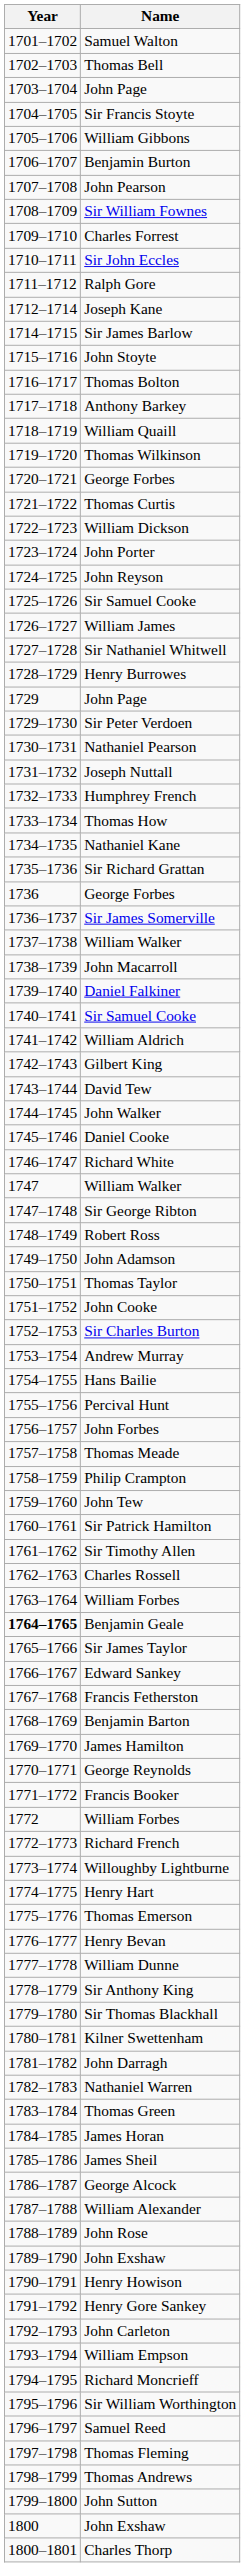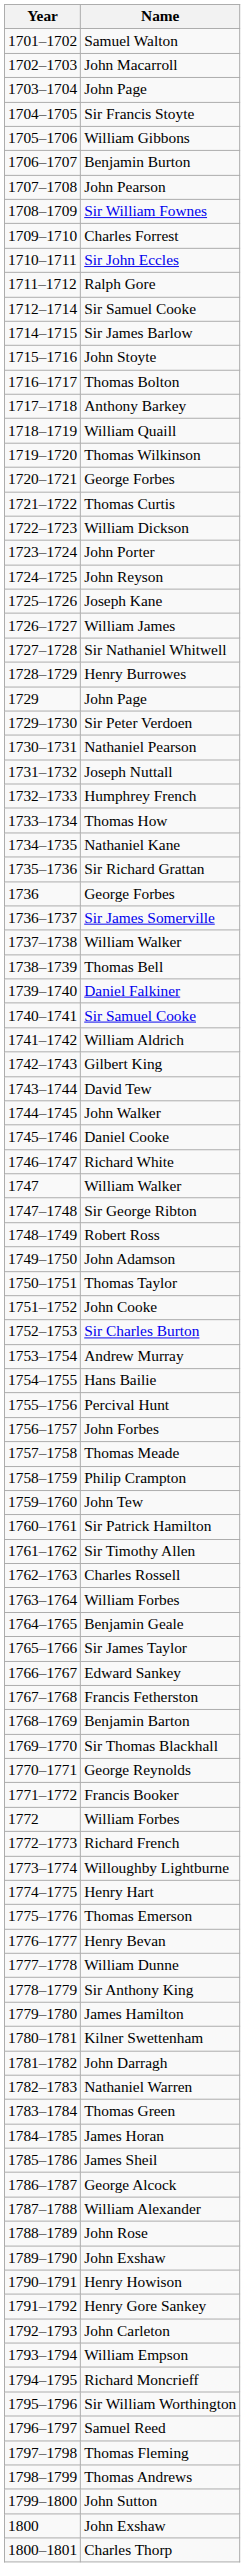 <table class="wikitable">
 <tr>
 <th>Year</th>
 <th>Name</th>
 </tr>
 <tr>
 <td>1701–1702</td>
 <td>Samuel Walton</td>
 </tr>
 <tr>
 <td>1702–1703</td>
-<td>Thomas Bell</td>
+<td>John Macarroll</td>
 </tr>
 <tr>
 <td>1703–1704</td>
 <td>John Page</td>
 </tr>
 <tr>
 <td>1704–1705</td>
 <td>Sir Francis Stoyte</td>
 </tr>
 <tr>
 <td>1705–1706</td>
 <td>William Gibbons</td>
 </tr>
 <tr>
 <td>1706–1707</td>
 <td>Benjamin Burton</td>
 </tr>
 <tr>
 <td>1707–1708</td>
 <td>John Pearson</td>
 </tr>
 <tr>
 <td>1708–1709</td>
 <td><a href='#'>Sir William Fownes</a></td>
 </tr>
 <tr>
 <td>1709–1710</td>
 <td>Charles Forrest</td>
 </tr>
 <tr>
 <td>1710–1711</td>
 <td><a href='#'>Sir John Eccles</a></td>
 </tr>
 <tr>
 <td>1711–1712</td>
 <td>Ralph Gore</td>
 </tr>
 <tr>
 <td>1712–1714</td>
-<td>Joseph Kane</td>
+<td>Sir Samuel Cooke</td>
 </tr>
 <tr>
 <td>1714–1715</td>
 <td>Sir James Barlow</td>
 </tr>
 <tr>
 <td>1715–1716</td>
 <td>John Stoyte</td>
 </tr>
 <tr>
 <td>1716–1717</td>
 <td>Thomas Bolton</td>
 </tr>
 <tr>
 <td>1717–1718</td>
 <td>Anthony Barkey</td>
 </tr>
 <tr>
 <td>1718–1719</td>
 <td>William Quaill</td>
 </tr>
 <tr>
 <td>1719–1720</td>
 <td>Thomas Wilkinson</td>
 </tr>
 <tr>
 <td>1720–1721</td>
 <td>George Forbes</td>
 </tr>
 <tr>
 <td>1721–1722</td>
 <td>Thomas Curtis</td>
 </tr>
 <tr>
 <td>1722–1723</td>
 <td>William Dickson</td>
 </tr>
 <tr>
 <td>1723–1724</td>
 <td>John Porter</td>
 </tr>
 <tr>
 <td>1724–1725</td>
 <td>John Reyson</td>
 </tr>
 <tr>
 <td>1725–1726</td>
-<td>Sir Samuel Cooke</td>
+<td>Joseph Kane</td>
 </tr>
 <tr>
 <td>1726–1727</td>
 <td>William James</td>
 </tr>
 <tr>
 <td>1727–1728</td>
 <td>Sir Nathaniel Whitwell</td>
 </tr>
 <tr>
 <td>1728–1729</td>
 <td>Henry Burrowes</td>
 </tr>
 <tr>
 <td>1729</td>
 <td>John Page</td>
 </tr>
 <tr>
 <td>1729–1730</td>
 <td>Sir Peter Verdoen</td>
 </tr>
 <tr>
 <td>1730–1731</td>
 <td>Nathaniel Pearson</td>
 </tr>
 <tr>
 <td>1731–1732</td>
 <td>Joseph Nuttall</td>
 </tr>
 <tr>
 <td>1732–1733</td>
 <td>Humphrey French</td>
 </tr>
 <tr>
 <td>1733–1734</td>
 <td>Thomas How</td>
 </tr>
 <tr>
 <td>1734–1735</td>
 <td>Nathaniel Kane</td>
 </tr>
 <tr>
 <td>1735–1736</td>
 <td>Sir Richard Grattan</td>
 </tr>
 <tr>
 <td>1736</td>
 <td>George Forbes</td>
 </tr>
 <tr>
 <td>1736–1737</td>
 <td><a href='#'>Sir James Somerville</a></td>
 </tr>
 <tr>
 <td>1737–1738</td>
 <td>William Walker</td>
 </tr>
 <tr>
 <td>1738–1739</td>
-<td>John Macarroll</td>
+<td>Thomas Bell</td>
 </tr>
 <tr>
 <td>1739–1740</td>
 <td><a href='#'>Daniel Falkiner</a></td>
 </tr>
 <tr>
 <td>1740–1741</td>
 <td><a href='#'>Sir Samuel Cooke</a></td>
 </tr>
 <tr>
 <td>1741–1742</td>
 <td>William Aldrich</td>
 </tr>
 <tr>
 <td>1742–1743</td>
 <td>Gilbert King</td>
 </tr>
 <tr>
 <td>1743–1744</td>
 <td>David Tew</td>
 </tr>
 <tr>
 <td>1744–1745</td>
 <td>John Walker</td>
 </tr>
 <tr>
 <td>1745–1746</td>
 <td>Daniel Cooke</td>
 </tr>
 <tr>
 <td>1746–1747</td>
 <td>Richard White</td>
 </tr>
 <tr>
 <td>1747</td>
 <td>William Walker</td>
 </tr>
 <tr>
 <td>1747–1748</td>
 <td>Sir George Ribton</td>
 </tr>
 <tr>
 <td>1748–1749</td>
 <td>Robert Ross</td>
 </tr>
 <tr>
 <td>1749–1750</td>
 <td>John Adamson</td>
 </tr>
 <tr>
 <td>1750–1751</td>
 <td>Thomas Taylor</td>
 </tr>
 <tr>
 <td>1751–1752</td>
 <td>John Cooke</td>
 </tr>
 <tr>
 <td>1752–1753</td>
 <td><a href='#'>Sir Charles Burton</a></td>
 </tr>
 <tr>
 <td>1753–1754</td>
 <td>Andrew Murray</td>
 </tr>
 <tr>
 <td>1754–1755</td>
 <td>Hans Bailie</td>
 </tr>
 <tr>
 <td>1755–1756</td>
 <td>Percival Hunt</td>
 </tr>
 <tr>
 <td>1756–1757</td>
 <td>John Forbes</td>
 </tr>
 <tr>
 <td>1757–1758</td>
 <td>Thomas Meade</td>
 </tr>
 <tr>
 <td>1758–1759</td>
 <td>Philip Crampton</td>
 </tr>
 <tr>
 <td>1759–1760</td>
 <td>John Tew</td>
 </tr>
 <tr>
 <td>1760–1761</td>
 <td>Sir Patrick Hamilton</td>
 </tr>
 <tr>
 <td>1761–1762</td>
 <td>Sir Timothy Allen</td>
 </tr>
 <tr>
 <td>1762–1763</td>
 <td>Charles Rossell</td>
 </tr>
 <tr>
 <td>1763–1764</td>
 <td>William Forbes</td>
 </tr>
 <tr>
-<td><strong>1764–1765</strong></td>
+<td>1764–1765</td>
 <td>Benjamin Geale</td>
 </tr>
 <tr>
 <td>1765–1766</td>
 <td>Sir James Taylor</td>
 </tr>
 <tr>
 <td>1766–1767</td>
 <td>Edward Sankey</td>
 </tr>
 <tr>
 <td>1767–1768</td>
 <td>Francis Fetherston</td>
 </tr>
 <tr>
 <td>1768–1769</td>
 <td>Benjamin Barton</td>
 </tr>
 <tr>
 <td>1769–1770</td>
-<td>James Hamilton</td>
+<td>Sir Thomas Blackhall</td>
 </tr>
 <tr>
 <td>1770–1771</td>
 <td>George Reynolds</td>
 </tr>
 <tr>
 <td>1771–1772</td>
 <td>Francis Booker</td>
 </tr>
 <tr>
 <td>1772</td>
 <td>William Forbes</td>
 </tr>
 <tr>
 <td>1772–1773</td>
 <td>Richard French</td>
 </tr>
 <tr>
 <td>1773–1774</td>
 <td>Willoughby Lightburne</td>
 </tr>
 <tr>
 <td>1774–1775</td>
 <td>Henry Hart</td>
 </tr>
 <tr>
 <td>1775–1776</td>
 <td>Thomas Emerson</td>
 </tr>
 <tr>
 <td>1776–1777</td>
 <td>Henry Bevan</td>
 </tr>
 <tr>
 <td>1777–1778</td>
 <td>William Dunne</td>
 </tr>
 <tr>
 <td>1778–1779</td>
 <td>Sir Anthony King</td>
 </tr>
 <tr>
 <td>1779–1780</td>
-<td>Sir Thomas Blackhall</td>
+<td>James Hamilton</td>
 </tr>
 <tr>
 <td>1780–1781</td>
 <td>Kilner Swettenham</td>
 </tr>
 <tr>
 <td>1781–1782</td>
 <td>John Darragh</td>
 </tr>
 <tr>
 <td>1782–1783</td>
 <td>Nathaniel Warren</td>
 </tr>
 <tr>
 <td>1783–1784</td>
 <td>Thomas Green</td>
 </tr>
 <tr>
 <td>1784–1785</td>
 <td>James Horan</td>
 </tr>
 <tr>
 <td>1785–1786</td>
 <td>James Sheil</td>
 </tr>
 <tr>
 <td>1786–1787</td>
 <td>George Alcock</td>
 </tr>
 <tr>
 <td>1787–1788</td>
 <td>William Alexander</td>
 </tr>
 <tr>
 <td>1788–1789</td>
 <td>John Rose</td>
 </tr>
 <tr>
 <td>1789–1790</td>
 <td>John Exshaw</td>
 </tr>
 <tr>
 <td>1790–1791</td>
 <td>Henry Howison</td>
 </tr>
 <tr>
 <td>1791–1792</td>
 <td>Henry Gore Sankey</td>
 </tr>
 <tr>
 <td>1792–1793</td>
 <td>John Carleton</td>
 </tr>
 <tr>
 <td>1793–1794</td>
 <td>William Empson</td>
 </tr>
 <tr>
 <td>1794–1795</td>
 <td>Richard Moncrieff</td>
 </tr>
 <tr>
 <td>1795–1796</td>
 <td>Sir William Worthington</td>
 </tr>
 <tr>
 <td>1796–1797</td>
 <td>Samuel Reed</td>
 </tr>
 <tr>
 <td>1797–1798</td>
 <td>Thomas Fleming</td>
 </tr>
 <tr>
 <td>1798–1799</td>
 <td>Thomas Andrews</td>
 </tr>
 <tr>
 <td>1799–1800</td>
 <td>John Sutton</td>
 </tr>
 <tr>
 <td>1800</td>
 <td>John Exshaw</td>
 </tr>
 <tr>
 <td>1800–1801</td>
 <td>Charles Thorp</td>
 </tr>
 </table>
